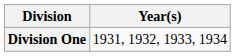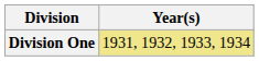 <table class="wikitable" style="font-size:85%">
 <tr>
 <th scope="col">Division</th>
 <th scope="col">Year(s)</th>
 </tr>
 <tr>
 <th scope="row">Division One</th>
-<td>1931, 1932, 1933, 1934</td>
+<td style="background: khaki;">1931, 1932, 1933, 1934</td>
 </tr>
 </table>
